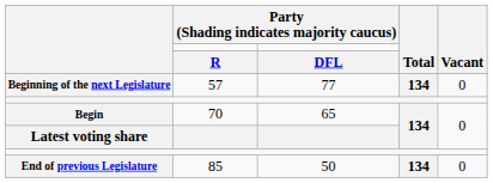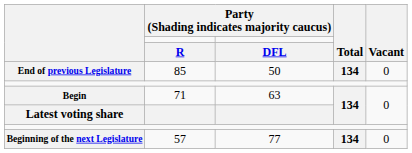 <table class=wikitable style="text-align:center">
 <tr style="vertical-align:bottom;">
 <th rowspan=3></th>
 <th colspan=2>Party <div>(Shading indicates majority caucus)</div></th>
 <th rowspan=3>Total</th>
 <th rowspan=3>Vacant</th>
 </tr>
 <tr style="height:5px">
 <td style="background-color:"></td>
 <td style="background-color:"></td>
 </tr>
 <tr>
 <th><a href='#'>R</a></th>
 <th><a href='#'>DFL</a></th>
 </tr>
 <tr>
-<th style="white-space:nowrap; font-size:80%;">Beginning of the <a href='#'>next Legislature</a></th>
-<td>57</td>
-<td>77</td>
+<th style="white-space:nowrap; font-size:80%;">End of <a href='#'>previous Legislature</a></th>
+<td>85</td>
+<td>50</td>
 <th>134</th>
 <td>0</td>
 </tr>
 <tr>
 <td colspan=5></td>
 </tr>
 <tr>
 <th style="font-size:80%">Begin</th>
-<td>70</td>
-<td>65</td>
+<td>71</td>
+<td>63</td>
 <th rowspan=2>134</th>
 <td rowspan=2>0</td>
 </tr>
 <tr>
 <th>Latest voting share</th>
 <th></th>
 <th></th>
 </tr>
 <tr>
 <td colspan=5></td>
 </tr>
 <tr>
-<th style="white-space:nowrap; font-size:80%;">End of <a href='#'>previous Legislature</a></th>
-<td>85</td>
-<td>50</td>
+<th style="white-space:nowrap; font-size:80%;">Beginning of the <a href='#'>next Legislature</a></th>
+<td>57</td>
+<td>77</td>
 <th>134</th>
 <td>0</td>
 </tr>
 </table>
